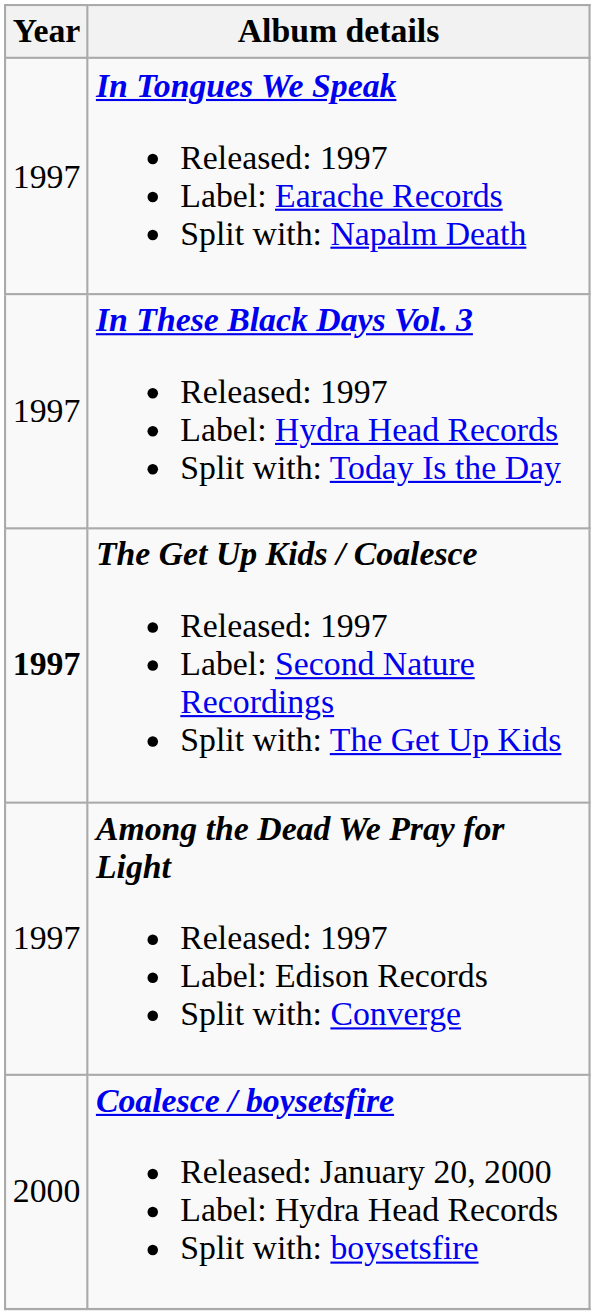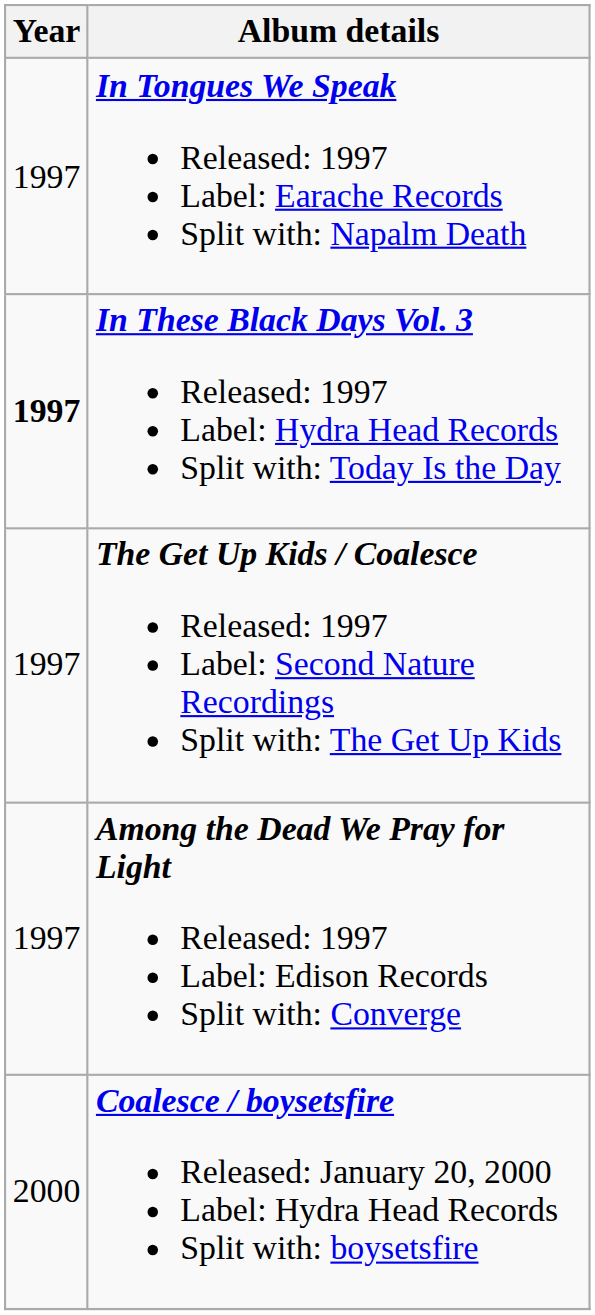 <table class="wikitable">
 <tr>
 <th>Year</th>
 <th width="230">Album details</th>
 </tr>
 <tr>
 <td>1997</td>
 <td><strong><em><a href='#'>In Tongues We Speak</a></em></strong><br><ul><li>Released: 1997</li><li>Label: <a href='#'>Earache Records</a></li><li>Split with: <a href='#'>Napalm Death</a></li></ul></td>
 </tr>
 <tr>
-<td>1997</td>
+<td><strong>1997</strong></td>
 <td><strong><em><a href='#'>In These Black Days Vol. 3</a></em></strong><br><ul><li>Released: 1997</li><li>Label: <a href='#'>Hydra Head Records</a></li><li>Split with: <a href='#'>Today Is the Day</a></li></ul></td>
 </tr>
 <tr>
-<td><strong>1997</strong></td>
+<td>1997</td>
 <td><strong><em>The Get Up Kids / Coalesce</em></strong><br><ul><li>Released: 1997</li><li>Label: <a href='#'>Second Nature Recordings</a></li><li>Split with: <a href='#'>The Get Up Kids</a></li></ul></td>
 </tr>
 <tr>
 <td>1997</td>
 <td><strong><em>Among the Dead We Pray for Light</em></strong><br><ul><li>Released: 1997</li><li>Label: Edison Records</li><li>Split with: <a href='#'>Converge</a></li></ul></td>
 </tr>
 <tr>
 <td>2000</td>
 <td><strong><em><a href='#'>Coalesce / boysetsfire</a></em></strong><br><ul><li>Released: January 20, 2000</li><li>Label: Hydra Head Records</li><li>Split with: <a href='#'>boysetsfire</a></li></ul></td>
 </tr>
 <tr>
 </tr>
 </table>
